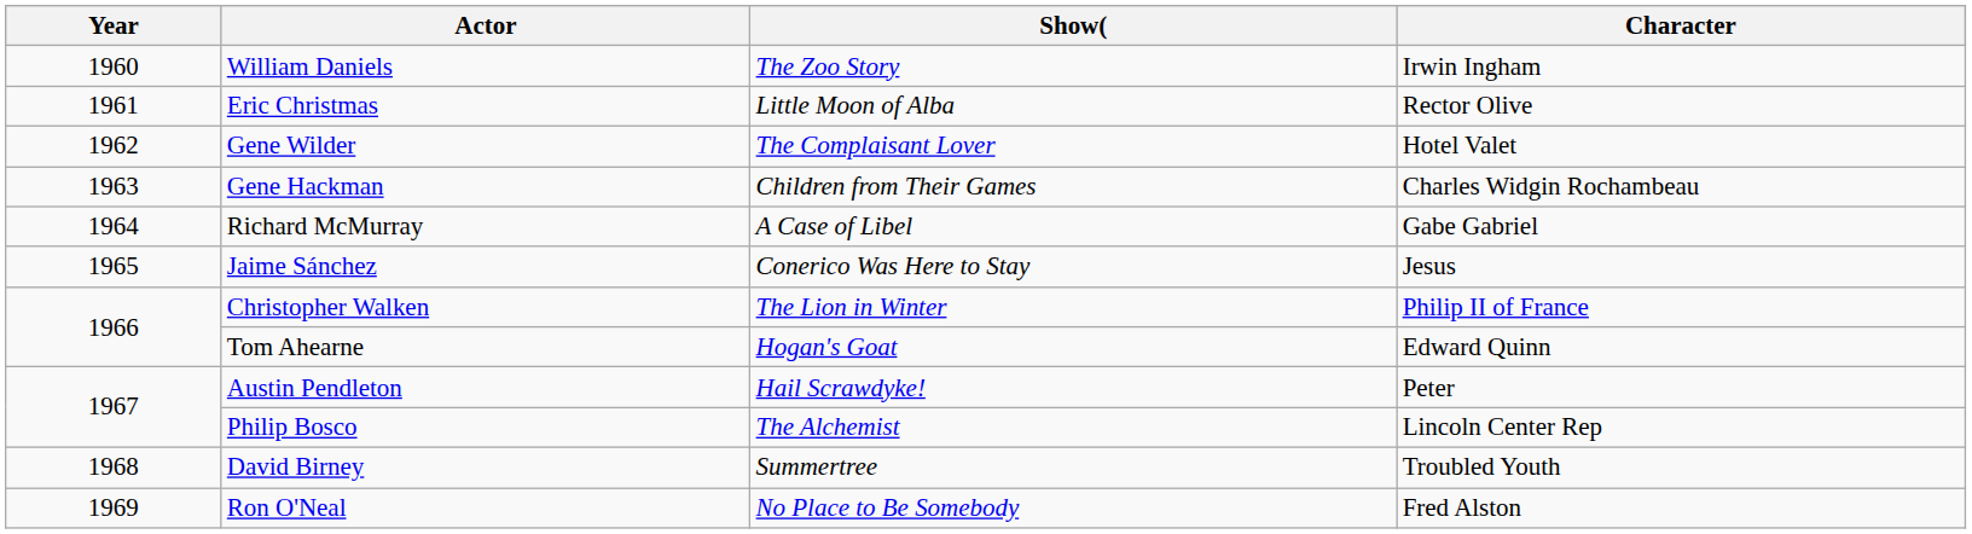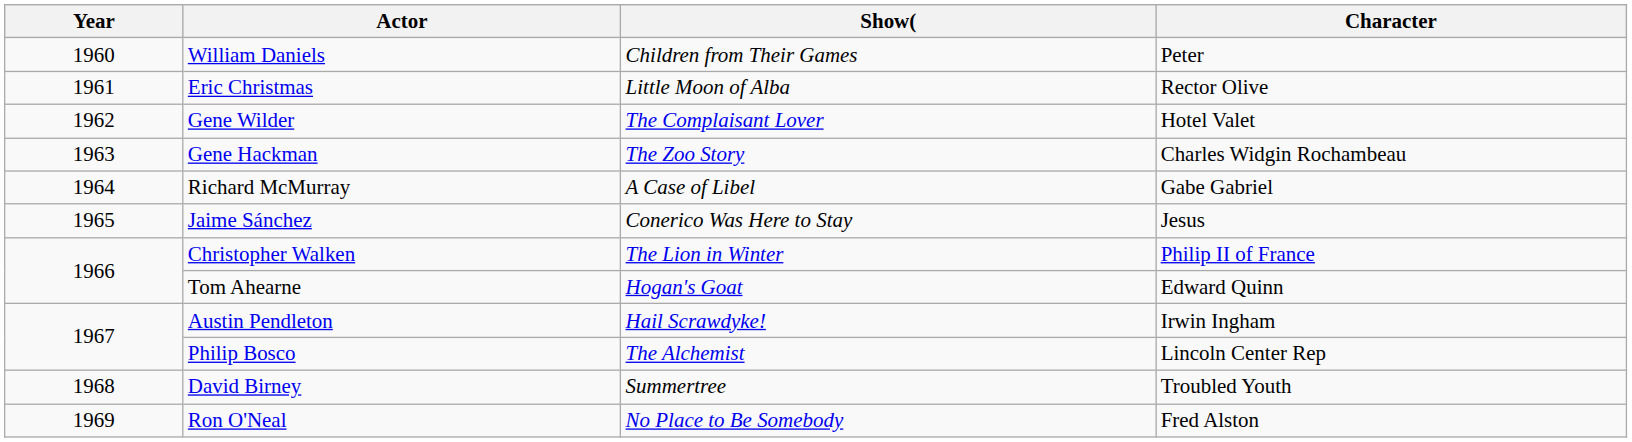 <table class="wikitable" style="width:98%;">
 <tr style="background:#bebebe;">
 <th style="width:11%;">Year</th>
 <th style="width:27%;">Actor</th>
 <th style="width:33%;">Show(</th>
 <th style="width:29%;">Character</th>
 </tr>
 <tr>
 <td align="center">1960</td>
 <td><a href='#'>William Daniels</a></td>
-<td><em><a href='#'>The Zoo Story</a></em></td>
-<td>Irwin Ingham</td>
+<td><em>Children from Their Games</em></td>
+<td>Peter</td>
 </tr>
 <tr>
 <td align="center">1961</td>
 <td><a href='#'>Eric Christmas</a></td>
 <td><em>Little Moon of Alba</em></td>
 <td>Rector Olive</td>
 </tr>
 <tr>
 <td align="center">1962</td>
 <td><a href='#'>Gene Wilder</a></td>
 <td><em><a href='#'>The Complaisant Lover</a></em></td>
 <td>Hotel Valet</td>
 </tr>
 <tr>
 <td align="center">1963</td>
 <td><a href='#'>Gene Hackman</a></td>
-<td><em>Children from Their Games</em></td>
+<td><em><a href='#'>The Zoo Story</a></em></td>
 <td>Charles Widgin Rochambeau</td>
 </tr>
 <tr>
 <td align="center">1964</td>
 <td>Richard McMurray</td>
 <td><em>A Case of Libel</em></td>
 <td>Gabe Gabriel</td>
 </tr>
 <tr>
 <td align="center">1965</td>
 <td><a href='#'>Jaime Sánchez</a></td>
 <td><em>Conerico Was Here to Stay</em></td>
 <td>Jesus</td>
 </tr>
 <tr>
 <td rowspan="2" align="center">1966</td>
 <td><a href='#'>Christopher Walken</a></td>
 <td><em><a href='#'>The Lion in Winter</a></em></td>
 <td><a href='#'>Philip II of France</a></td>
 </tr>
 <tr>
 <td>Tom Ahearne </td>
 <td><em><a href='#'>Hogan's Goat</a></em></td>
 <td>Edward Quinn</td>
 </tr>
 <tr>
 <td rowspan="2" align="center">1967</td>
 <td><a href='#'>Austin Pendleton</a></td>
 <td><em><a href='#'>Hail Scrawdyke!</a></em></td>
-<td>Peter</td>
+<td>Irwin Ingham</td>
 </tr>
 <tr>
 <td><a href='#'>Philip Bosco</a> </td>
 <td><em><a href='#'>The Alchemist</a></em></td>
 <td>Lincoln Center Rep</td>
 </tr>
 <tr>
 <td align="center">1968</td>
 <td><a href='#'>David Birney</a></td>
 <td><em>Summertree</em></td>
 <td>Troubled Youth</td>
 </tr>
 <tr>
 <td align="center">1969</td>
 <td><a href='#'>Ron O'Neal</a></td>
 <td><em><a href='#'>No Place to Be Somebody</a></em></td>
 <td>Fred Alston</td>
 </tr>
 </table>
